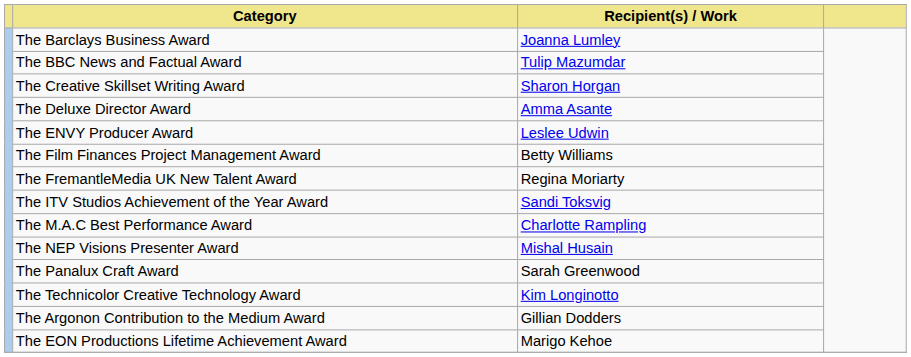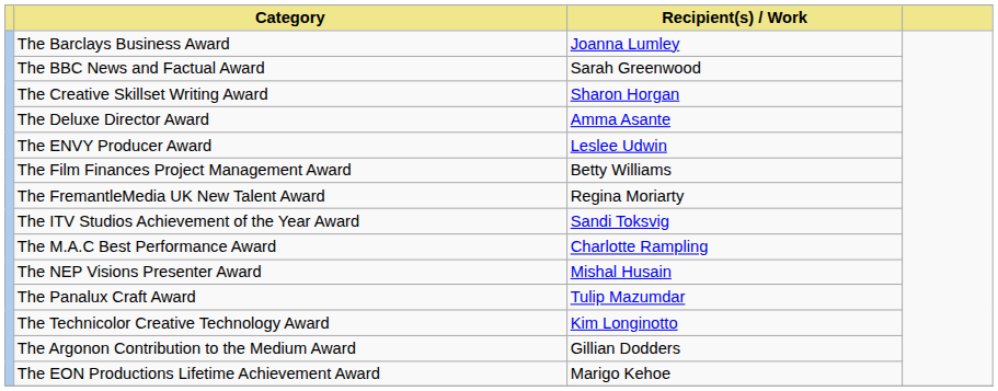 <table class="wikitable" width="70%" scope="col" style="text-align: left; font-size: 90%">
 <tr col>
 <th style="background:#F0E68C" width="1px"></th>
 <th style="background:#F0E68C" width="56%">Category</th>
 <th style="background:#F0E68C" width="34%">Recipient(s) / Work</th>
 <th style="background:#F0E68C" scope="col" class="unsortable"></th>
 </tr>
 <tr>
 <td style="background: #abcdef;" rowspan="14"></td>
 <td scope="col" style="align:left">The Barclays Business Award</td>
 <td><a href='#'>Joanna Lumley</a></td>
 <td rowspan="14"></td>
 </tr>
 <tr>
 <td>The BBC News and Factual Award</td>
-<td><a href='#'>Tulip Mazumdar</a></td>
+<td>Sarah Greenwood</td>
 </tr>
 <tr>
 <td>The Creative Skillset Writing Award</td>
 <td><a href='#'>Sharon Horgan</a></td>
 </tr>
 <tr>
 <td>The Deluxe Director Award</td>
 <td><a href='#'>Amma Asante</a></td>
 </tr>
 <tr>
 <td>The ENVY Producer Award</td>
 <td><a href='#'>Leslee Udwin</a></td>
 </tr>
 <tr>
 <td>The Film Finances Project Management Award</td>
 <td>Betty Williams</td>
 </tr>
 <tr>
 <td>The FremantleMedia UK New Talent Award</td>
 <td>Regina Moriarty</td>
 </tr>
 <tr>
 <td>The ITV Studios Achievement of the Year Award</td>
 <td><a href='#'>Sandi Toksvig</a></td>
 </tr>
 <tr>
 <td>The M.A.C Best Performance Award</td>
 <td><a href='#'>Charlotte Rampling</a></td>
 </tr>
 <tr>
 <td>The NEP Visions Presenter Award</td>
 <td><a href='#'>Mishal Husain</a></td>
 </tr>
 <tr>
 <td>The Panalux Craft Award</td>
-<td>Sarah Greenwood</td>
+<td><a href='#'>Tulip Mazumdar</a></td>
 </tr>
 <tr>
 <td>The Technicolor Creative Technology Award</td>
 <td><a href='#'>Kim Longinotto</a></td>
 </tr>
 <tr>
 <td>The Argonon Contribution to the Medium Award</td>
 <td>Gillian Dodders</td>
 </tr>
 <tr>
 <td>The EON Productions Lifetime Achievement Award</td>
 <td>Marigo Kehoe</td>
 </tr>
 <tr>
 </tr>
 </table>
